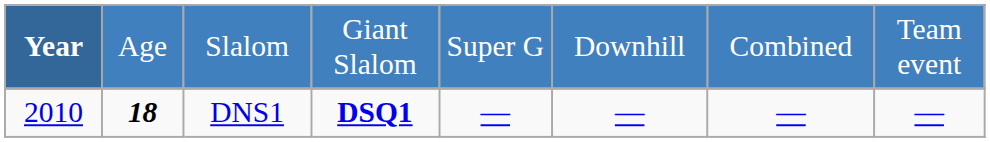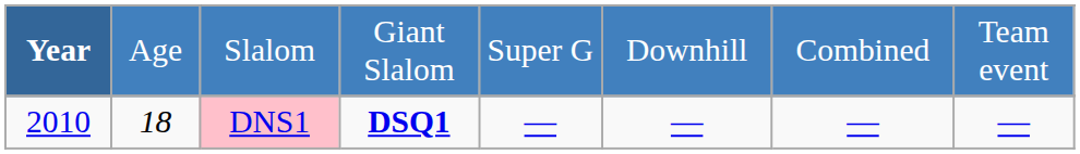 <table class="wikitable" style="font-size:95%; text-align:center; border:grey solid 1px; border-collapse:collapse;" width="40%">
 <tr style="background-color:#369; color:white;">
 <td rowspan="2" colspan="1" width="4%"><strong>Year</strong></td>
 </tr>
 <tr style="background-color:#4180be; color:white;">
 <td width="3%">Age</td>
 <td width="5%">Slalom</td>
 <td width="5%">Giant<br>Slalom</td>
 <td width="5%">Super G</td>
 <td width="5%">Downhill</td>
 <td width="5%">Combined</td>
 <td width="5%">Team event</td>
 </tr>
 <tr style="background-color:#8CB2D8; color:white;">
 </tr>
 <tr>
 <td><a href='#'>2010</a></td>
-<td><strong><em>18</em></strong></td>
-<td><a href='#'>DNS1</a></td>
+<td><em>18</em></td>
+<td style="background: pink;"><a href='#'>DNS1</a></td>
 <td><strong><a href='#'>DSQ1</a></strong></td>
 <td><a href='#'>—</a></td>
 <td><a href='#'>—</a></td>
 <td><a href='#'>—</a></td>
 <td><a href='#'>—</a></td>
 </tr>
 </table>
